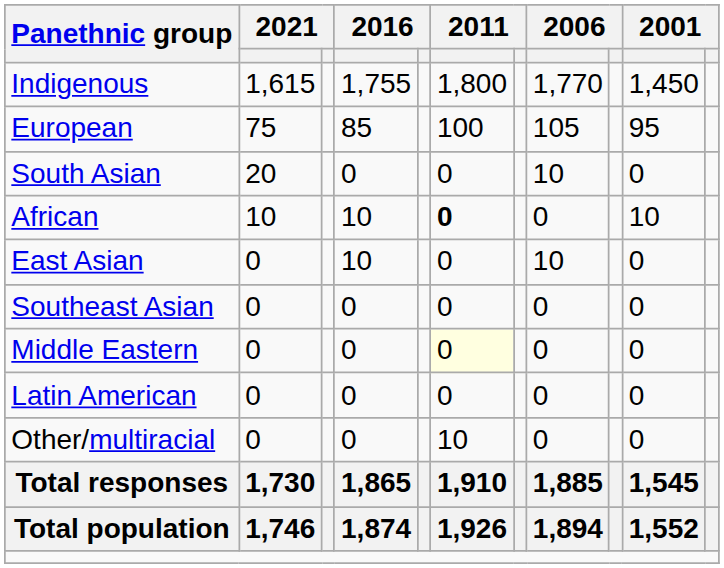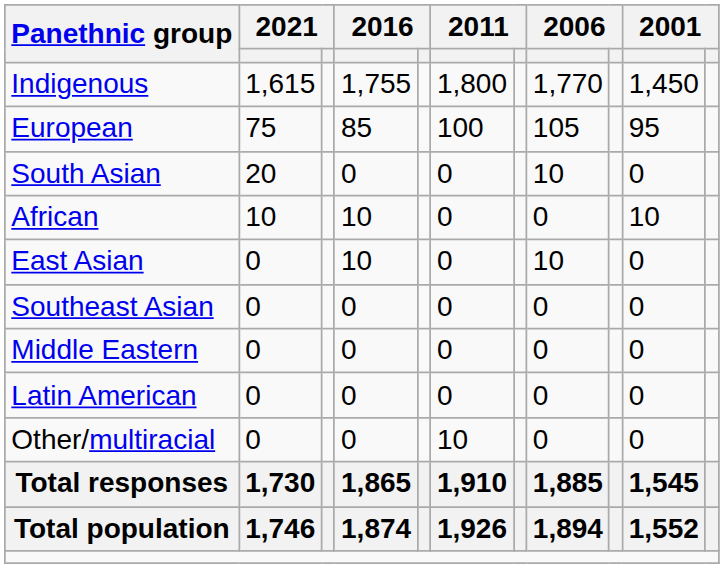 <table class="wikitable collapsible sortable">
 <tr>
 <th rowspan="2"><a href='#'>Panethnic</a> group</th>
 <th colspan="2">2021</th>
 <th colspan="2">2016</th>
 <th colspan="2">2011</th>
 <th colspan="2">2006</th>
 <th colspan="2">2001</th>
 </tr>
 <tr>
 <th><a href='#'></a></th>
 <th></th>
 <th></th>
 <th></th>
 <th></th>
 <th></th>
 <th></th>
 <th></th>
 <th></th>
 <th></th>
 </tr>
 <tr>
 <td><a href='#'>Indigenous</a></td>
 <td>1,615</td>
 <td></td>
 <td>1,755</td>
 <td></td>
 <td>1,800</td>
 <td></td>
 <td>1,770</td>
 <td></td>
 <td>1,450</td>
 <td></td>
 </tr>
 <tr>
 <td><a href='#'>European</a></td>
 <td>75</td>
 <td></td>
 <td>85</td>
 <td></td>
 <td>100</td>
 <td></td>
 <td>105</td>
 <td></td>
 <td>95</td>
 <td></td>
 </tr>
 <tr>
 <td><a href='#'>South Asian</a></td>
 <td>20</td>
 <td></td>
 <td>0</td>
 <td></td>
 <td>0</td>
 <td></td>
 <td>10</td>
 <td></td>
 <td>0</td>
 <td></td>
 </tr>
 <tr>
 <td><a href='#'>African</a></td>
 <td>10</td>
 <td></td>
 <td>10</td>
 <td></td>
-<td><strong>0</strong></td>
+<td>0</td>
 <td></td>
 <td>0</td>
 <td></td>
 <td>10</td>
 <td></td>
 </tr>
 <tr>
 <td><a href='#'>East Asian</a></td>
 <td>0</td>
 <td></td>
 <td>10</td>
 <td></td>
 <td>0</td>
 <td></td>
 <td>10</td>
 <td></td>
 <td>0</td>
 <td></td>
 </tr>
 <tr>
 <td><a href='#'>Southeast Asian</a></td>
 <td>0</td>
 <td></td>
 <td>0</td>
 <td></td>
 <td>0</td>
 <td></td>
 <td>0</td>
 <td></td>
 <td>0</td>
 <td></td>
 </tr>
 <tr>
 <td><a href='#'>Middle Eastern</a></td>
 <td>0</td>
 <td></td>
 <td>0</td>
 <td></td>
-<td style="background: lightyellow;">0</td>
+<td>0</td>
 <td></td>
 <td>0</td>
 <td></td>
 <td>0</td>
 <td></td>
 </tr>
 <tr>
 <td><a href='#'>Latin American</a></td>
 <td>0</td>
 <td></td>
 <td>0</td>
 <td></td>
 <td>0</td>
 <td></td>
 <td>0</td>
 <td></td>
 <td>0</td>
 <td></td>
 </tr>
 <tr>
 <td>Other/<a href='#'>multiracial</a></td>
 <td>0</td>
 <td></td>
 <td>0</td>
 <td></td>
 <td>10</td>
 <td></td>
 <td>0</td>
 <td></td>
 <td>0</td>
 <td></td>
 </tr>
 <tr>
 <th>Total responses</th>
 <th>1,730</th>
 <th></th>
 <th>1,865</th>
 <th></th>
 <th>1,910</th>
 <th></th>
 <th>1,885</th>
 <th></th>
 <th>1,545</th>
 <th></th>
 </tr>
 <tr class="sortbottom">
 <th>Total population</th>
 <th>1,746</th>
 <th></th>
 <th>1,874</th>
 <th></th>
 <th>1,926</th>
 <th></th>
 <th>1,894</th>
 <th></th>
 <th>1,552</th>
 <th></th>
 </tr>
 <tr class="sortbottom">
 <td colspan="11"></td>
 </tr>
 </table>
